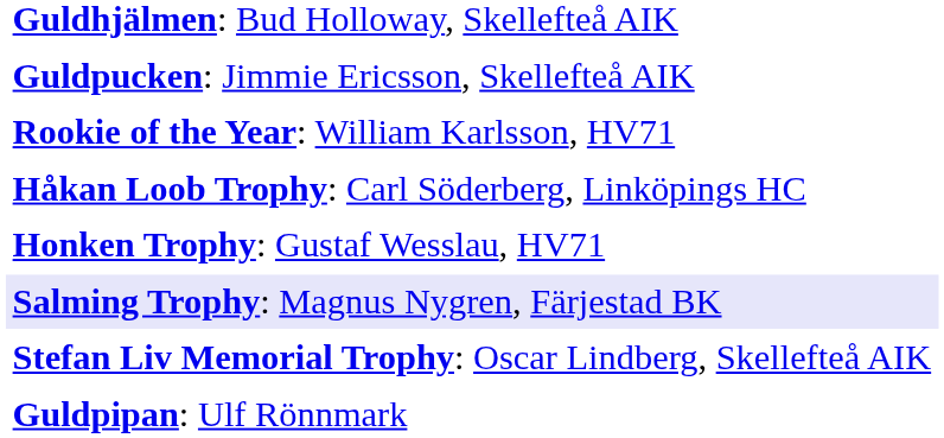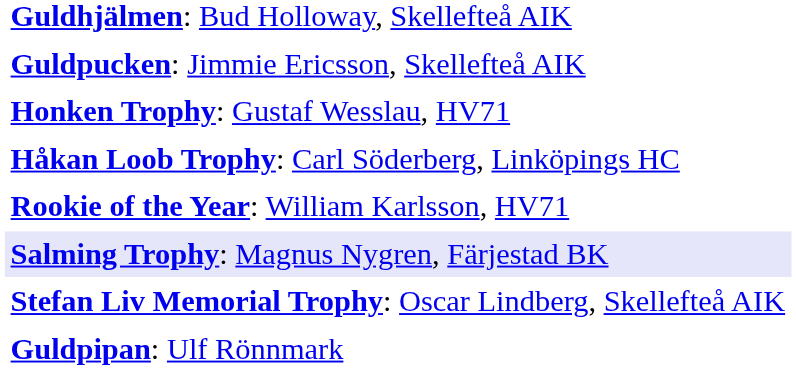 <table cellpadding="3" cellspacing="1">
 <tr>
 <td><strong><a href='#'>Guldhjälmen</a></strong>: <a href='#'>Bud Holloway</a>, <a href='#'>Skellefteå AIK</a></td>
 </tr>
 <tr>
 <td><strong><a href='#'>Guldpucken</a></strong>: <a href='#'>Jimmie Ericsson</a>, <a href='#'>Skellefteå AIK</a></td>
 </tr>
 <tr>
-<td><strong><a href='#'>Rookie of the Year</a></strong>: <a href='#'>William Karlsson</a>, <a href='#'>HV71</a></td>
+<td><strong><a href='#'>Honken Trophy</a></strong>: <a href='#'>Gustaf Wesslau</a>, <a href='#'>HV71</a></td>
 </tr>
 <tr>
 <td><strong><a href='#'>Håkan Loob Trophy</a></strong>: <a href='#'>Carl Söderberg</a>, <a href='#'>Linköpings HC</a></td>
 </tr>
 <tr>
-<td><strong><a href='#'>Honken Trophy</a></strong>: <a href='#'>Gustaf Wesslau</a>, <a href='#'>HV71</a></td>
+<td><strong><a href='#'>Rookie of the Year</a></strong>: <a href='#'>William Karlsson</a>, <a href='#'>HV71</a></td>
 </tr>
 <tr>
 <td style="background: lavender;"><strong><a href='#'>Salming Trophy</a></strong>:  <a href='#'>Magnus Nygren</a>, <a href='#'>Färjestad BK</a></td>
 </tr>
 <tr>
 <td><strong><a href='#'>Stefan Liv Memorial Trophy</a></strong>:  <a href='#'>Oscar Lindberg</a>, <a href='#'>Skellefteå AIK</a></td>
 </tr>
 <tr>
 <td><strong><a href='#'>Guldpipan</a></strong>: <a href='#'>Ulf Rönnmark</a></td>
 </tr>
 </table>
